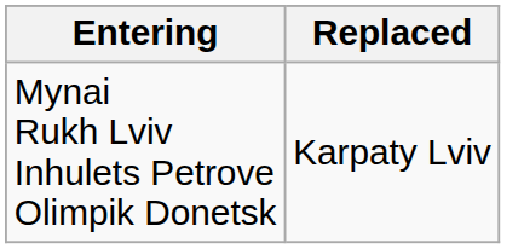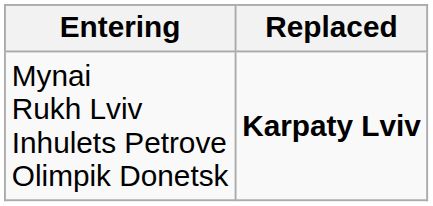 <table class="wikitable">
 <tr>
 <th>Entering</th>
 <th>Replaced</th>
 </tr>
 <tr>
 <td>Mynai<br>Rukh Lviv<br>Inhulets Petrove<br>Olimpik Donetsk</td>
-<td>Karpaty Lviv</td>
+<td><strong>Karpaty Lviv</strong></td>
 </tr>
 </table>
